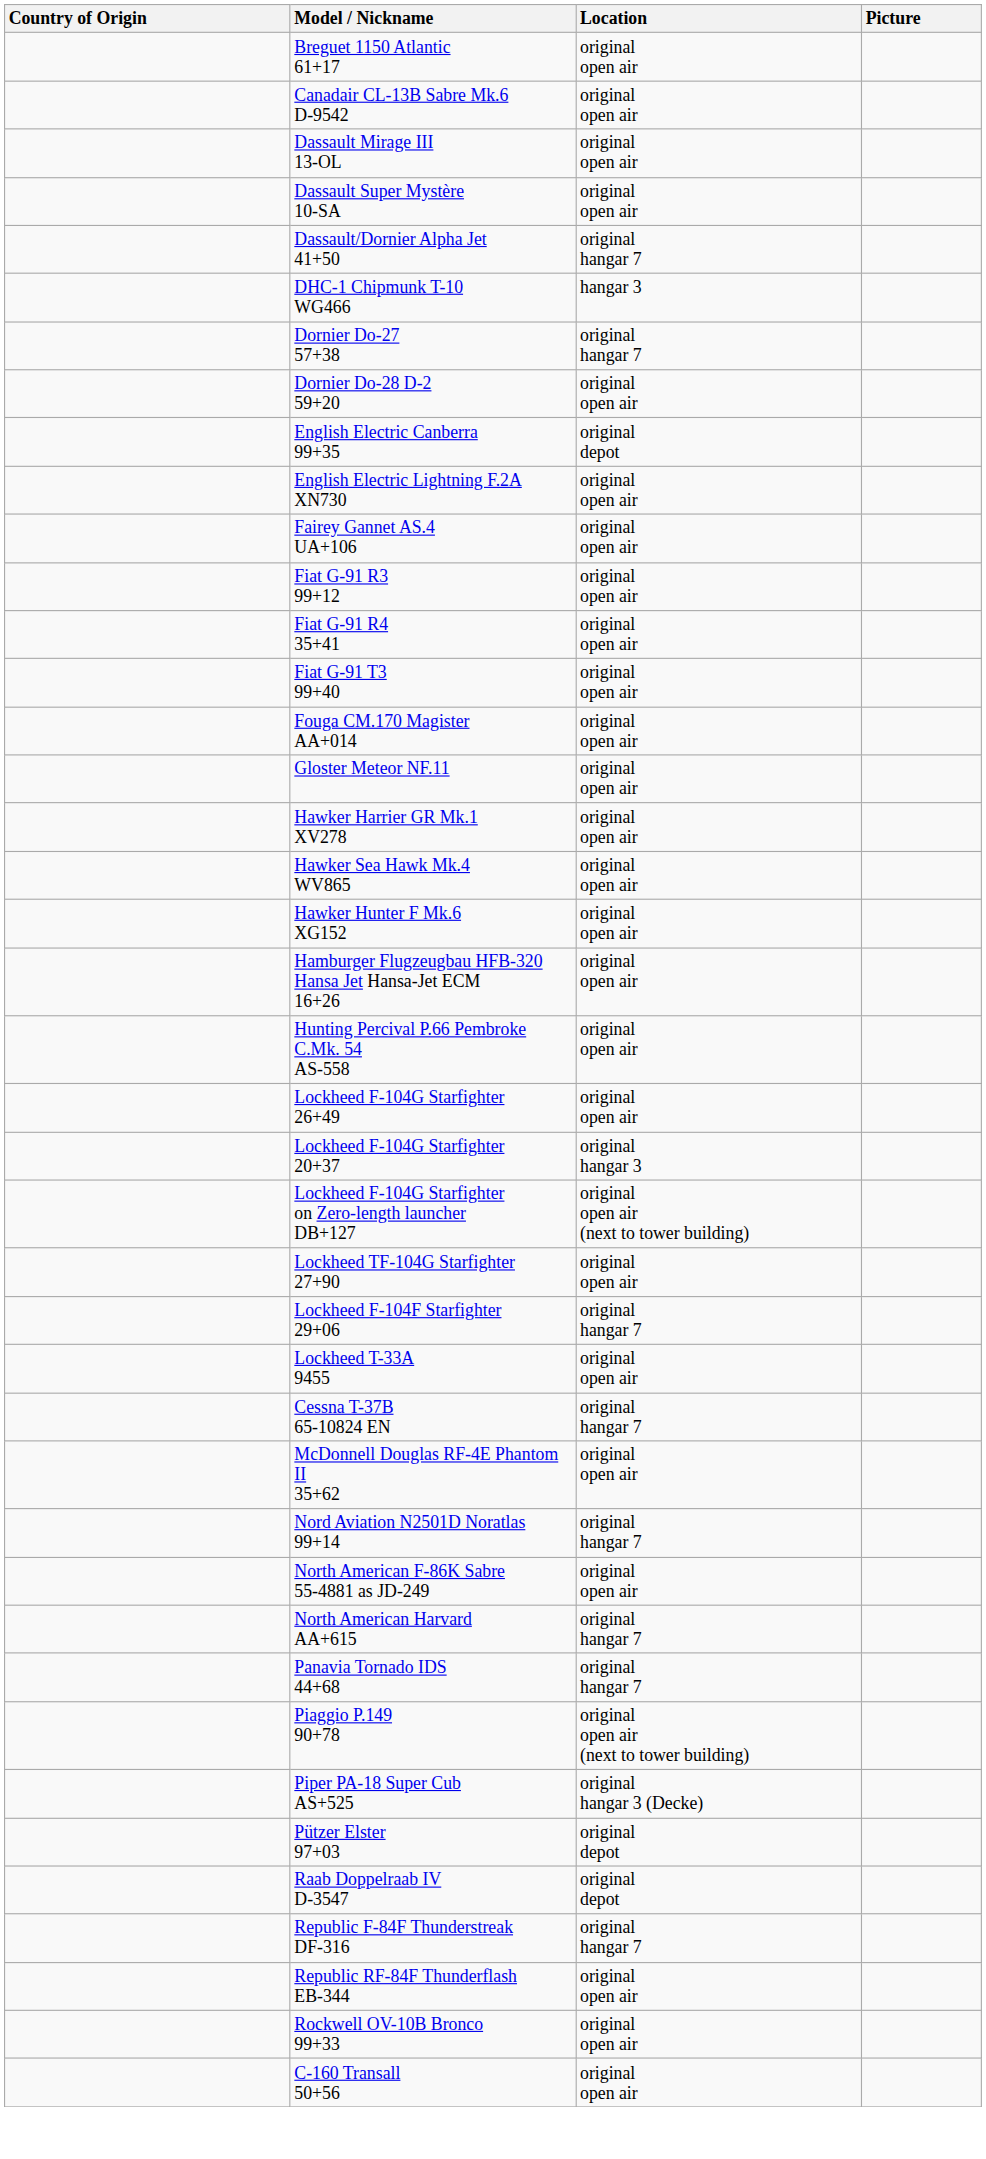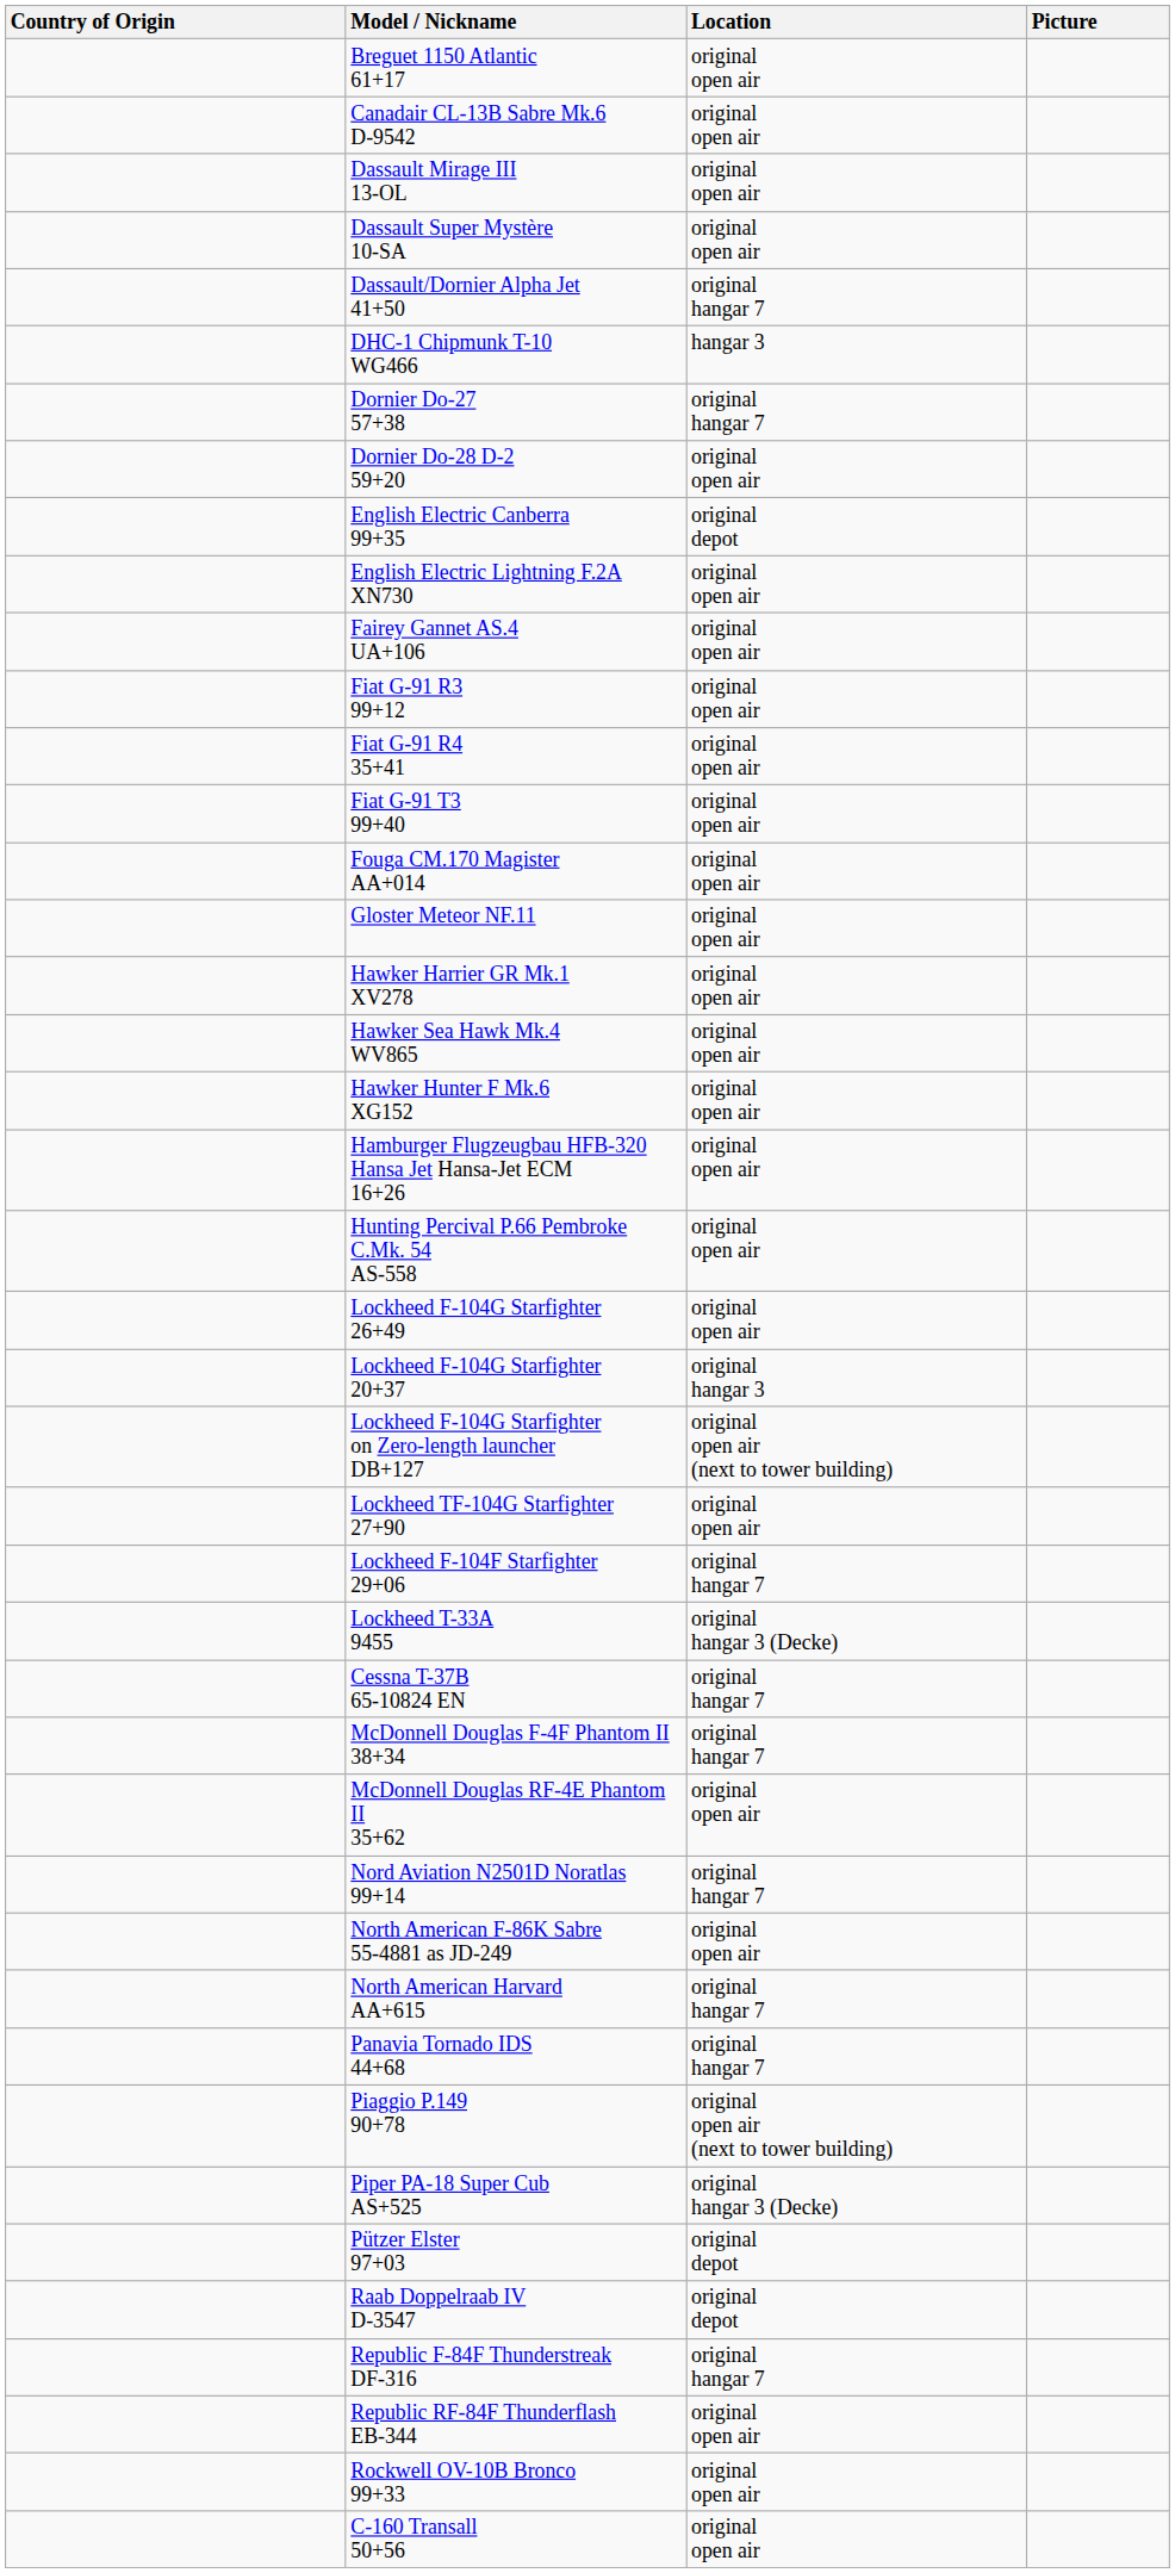 <table class="wikitable sortable">
 <tr>
 <th style="text-align:left" width=250px>Country of Origin</th>
 <th ! style="text-align:left" width=250px>Model / Nickname</th>
 <th ! style="text-align:left" width=250px class="unsortable">Location</th>
 <th ! style="text-align:left" width=100px class="unsortable">Picture</th>
 </tr>
 <tr style="vertical-align:top">
 <td style="text-align:left"></td>
 <td style="text-align:left"><a href='#'>Breguet 1150 Atlantic</a><br>61+17</td>
 <td style="text-align:left">original<br>open air</td>
 <td style="text-align:left"></td>
 </tr>
 <tr style="vertical-align:top">
 <td style="text-align:left"></td>
 <td style="text-align:left"><a href='#'>Canadair CL-13B Sabre Mk.6</a><br>D-9542</td>
 <td style="text-align:left">original<br>open air</td>
 <td style="text-align:left"></td>
 </tr>
 <tr style="vertical-align:top">
 <td style="text-align:left"></td>
 <td style="text-align:left"><a href='#'>Dassault Mirage III</a><br>13-OL</td>
 <td style="text-align:left">original<br>open air</td>
 <td style="text-align:left"></td>
 </tr>
 <tr style="vertical-align:top">
 <td style="text-align:left"></td>
 <td style="text-align:left"><a href='#'>Dassault Super Mystère</a><br>10-SA</td>
 <td style="text-align:left">original<br>open air</td>
 <td style="text-align:left"></td>
 </tr>
 <tr style="vertical-align:top">
 <td style="text-align:left"></td>
 <td style="text-align:left"><a href='#'>Dassault/Dornier Alpha Jet</a><br>41+50</td>
 <td style="text-align:left">original<br>hangar 7</td>
 <td style="text-align:left"></td>
 </tr>
 <tr style="vertical-align:top">
 <td style="text-align:left"></td>
 <td style="text-align:left"><a href='#'>DHC-1 Chipmunk T-10</a><br>WG466</td>
 <td style="text-align:left">hangar 3</td>
 <td style="text-align:left"></td>
 </tr>
 <tr style="vertical-align:top">
 <td style="text-align:left"></td>
 <td style="text-align:left"><a href='#'>Dornier Do-27</a><br>57+38</td>
 <td style="text-align:left">original<br>hangar 7</td>
 <td style="text-align:left"></td>
 </tr>
 <tr style="vertical-align:top">
 <td style="text-align:left"></td>
 <td style="text-align:left"><a href='#'>Dornier Do-28 D-2</a><br>59+20</td>
 <td style="text-align:left">original<br>open air</td>
 <td style="text-align:left"></td>
 </tr>
 <tr style="vertical-align:top">
 <td style="text-align:left"></td>
 <td style="text-align:left"><a href='#'>English Electric Canberra</a><br>99+35</td>
 <td style="text-align:left">original<br>depot</td>
 <td style="text-align:left"></td>
 </tr>
 <tr style="vertical-align:top">
 <td style="text-align:left"></td>
 <td style="text-align:left"><a href='#'>English Electric Lightning F.2A</a><br>XN730</td>
 <td style="text-align:left">original<br>open air</td>
 <td style="text-align:left"></td>
 </tr>
 <tr style="vertical-align:top">
 <td style="text-align:left"></td>
 <td style="text-align:left"><a href='#'>Fairey Gannet AS.4</a><br>UA+106</td>
 <td style="text-align:left">original<br>open air</td>
 <td style="text-align:left"></td>
 </tr>
 <tr style="vertical-align:top">
 <td style="text-align:left"></td>
 <td style="text-align:left"><a href='#'>Fiat G-91 R3</a><br>99+12</td>
 <td style="text-align:left">original<br>open air</td>
 <td style="text-align:left"></td>
 </tr>
 <tr style="vertical-align:top">
 <td style="text-align:left"></td>
 <td style="text-align:left"><a href='#'>Fiat G-91 R4</a><br>35+41</td>
 <td style="text-align:left">original<br>open air</td>
 <td style="text-align:left"></td>
 </tr>
 <tr style="vertical-align:top">
 <td style="text-align:left"></td>
 <td style="text-align:left"><a href='#'>Fiat G-91 T3</a><br>99+40</td>
 <td style="text-align:left">original<br>open air</td>
 <td style="text-align:left"></td>
 </tr>
 <tr style="vertical-align:top">
 <td style="text-align:left"></td>
 <td style="text-align:left"><a href='#'>Fouga CM.170 Magister</a><br>AA+014</td>
 <td style="text-align:left">original<br>open air</td>
 <td style="text-align:left"></td>
 </tr>
 <tr style="vertical-align:top">
 <td style="text-align:left"></td>
 <td style="text-align:left"><a href='#'>Gloster Meteor NF.11</a></td>
 <td style="text-align:left">original<br>open air</td>
 <td style="text-align:left"></td>
 </tr>
 <tr style="vertical-align:top">
 <td style="text-align:left"></td>
 <td style="text-align:left"><a href='#'>Hawker Harrier GR Mk.1</a><br>XV278</td>
 <td style="text-align:left">original<br>open air</td>
 <td style="text-align:left"></td>
 </tr>
 <tr style="vertical-align:top">
 <td style="text-align:left"></td>
 <td style="text-align:left"><a href='#'>Hawker Sea Hawk Mk.4</a><br>WV865</td>
 <td style="text-align:left">original<br>open air</td>
 <td style="text-align:left"></td>
 </tr>
 <tr style="vertical-align:top">
 <td style="text-align:left"></td>
 <td style="text-align:left"><a href='#'>Hawker Hunter F Mk.6</a><br>XG152</td>
 <td style="text-align:left">original<br>open air</td>
 <td style="text-align:left"></td>
 </tr>
 <tr style="vertical-align:top">
 <td style="text-align:left"></td>
 <td style="text-align:left"><a href='#'>Hamburger Flugzeugbau HFB-320 Hansa Jet</a> Hansa-Jet ECM<br>16+26</td>
 <td style="text-align:left">original<br>open air</td>
 <td style="text-align:left"></td>
 </tr>
 <tr style="vertical-align:top">
 <td style="text-align:left"></td>
 <td style="text-align:left"><a href='#'>Hunting Percival P.66 Pembroke C.Mk. 54</a><br>AS-558</td>
 <td style="text-align:left">original<br>open air</td>
 <td style="text-align:left"></td>
 </tr>
 <tr style="vertical-align:top">
 <td style="text-align:left"></td>
 <td style="text-align:left"><a href='#'>Lockheed F-104G Starfighter</a><br>26+49</td>
 <td style="text-align:left">original<br>open air</td>
 <td style="text-align:left"></td>
 </tr>
 <tr style="vertical-align:top">
 <td style="text-align:left"></td>
 <td style="text-align:left"><a href='#'>Lockheed F-104G Starfighter</a><br>20+37</td>
 <td style="text-align:left">original<br>hangar 3</td>
 <td style="text-align:left"></td>
 </tr>
 <tr style="vertical-align:top">
 <td style="text-align:left"></td>
 <td style="text-align:left"><a href='#'>Lockheed F-104G Starfighter</a><br>on <a href='#'>Zero-length launcher</a><br>DB+127</td>
 <td style="text-align:left">original<br>open air<br>(next to tower building)</td>
 <td style="text-align:left"></td>
 </tr>
 <tr style="vertical-align:top">
 <td style="text-align:left"></td>
 <td style="text-align:left"><a href='#'>Lockheed TF-104G Starfighter</a><br>27+90</td>
 <td style="text-align:left">original<br>open air</td>
 <td style="text-align:left"></td>
 </tr>
 <tr style="vertical-align:top">
 <td style="text-align:left"></td>
 <td style="text-align:left"><a href='#'>Lockheed F-104F Starfighter</a><br>29+06</td>
 <td style="text-align:left">original<br>hangar 7</td>
 <td style="text-align:left"></td>
 </tr>
 <tr style="vertical-align:top">
 <td style="text-align:left"></td>
 <td style="text-align:left"><a href='#'>Lockheed T-33A</a><br>9455</td>
-<td style="text-align:left">original<br>open air</td>
+<td style="text-align:left">original<br>hangar 3 (Decke)</td>
 <td style="text-align:left"></td>
 </tr>
 <tr style="vertical-align:top">
 <td style="text-align:left"></td>
 <td style="text-align:left"><a href='#'>Cessna T-37B</a><br>65-10824 EN</td>
+<td style="text-align:left">original<br>hangar 7</td>
+<td style="text-align:left"></td>
+</tr>
+<tr style="vertical-align:top">
+<td style="text-align:left"></td>
+<td style="text-align:left"><a href='#'>McDonnell Douglas F-4F Phantom II</a><br>38+34</td>
 <td style="text-align:left">original<br>hangar 7</td>
 <td style="text-align:left"></td>
 </tr>
 <tr style="vertical-align:top">
 <td style="text-align:left"></td>
 <td style="text-align:left"><a href='#'>McDonnell Douglas RF-4E Phantom II</a><br>35+62</td>
 <td style="text-align:left">original<br>open air</td>
 <td style="text-align:left"></td>
 </tr>
 <tr style="vertical-align:top">
 <td style="text-align:left"></td>
 <td style="text-align:left"><a href='#'>Nord Aviation N2501D Noratlas</a><br>99+14</td>
 <td style="text-align:left">original<br>hangar 7</td>
 <td style="text-align:left"></td>
 </tr>
 <tr style="vertical-align:top">
 <td style="text-align:left"></td>
 <td style="text-align:left"><a href='#'>North American F-86K Sabre</a><br>55-4881 as JD-249</td>
 <td style="text-align:left">original<br>open air</td>
 <td style="text-align:left"></td>
 </tr>
 <tr style="vertical-align:top">
 <td style="text-align:left"></td>
 <td style="text-align:left"><a href='#'>North American Harvard</a><br>AA+615</td>
 <td style="text-align:left">original<br>hangar 7</td>
 <td style="text-align:left"></td>
 </tr>
 <tr style="vertical-align:top">
 <td style="text-align:left"></td>
 <td style="text-align:left"><a href='#'>Panavia Tornado IDS</a><br>44+68</td>
 <td style="text-align:left">original<br>hangar 7</td>
 <td style="text-align:left"></td>
 </tr>
 <tr style="vertical-align:top">
 <td style="text-align:left"></td>
 <td style="text-align:left"><a href='#'>Piaggio P.149</a><br>90+78</td>
 <td style="text-align:left">original<br>open air<br>(next to tower building)</td>
 <td style="text-align:left"></td>
 </tr>
 <tr style="vertical-align:top">
 <td style="text-align:left"></td>
 <td style="text-align:left"><a href='#'>Piper PA-18 Super Cub</a><br>AS+525</td>
 <td style="text-align:left">original<br>hangar 3 (Decke)</td>
 <td style="text-align:left"></td>
 </tr>
 <tr style="vertical-align:top">
 <td style="text-align:left"></td>
 <td style="text-align:left"><a href='#'>Pützer Elster</a><br>97+03</td>
 <td style="text-align:left">original<br>depot</td>
 <td style="text-align:left"></td>
 </tr>
 <tr style="vertical-align:top">
 <td style="text-align:left"></td>
 <td style="text-align:left"><a href='#'>Raab Doppelraab IV</a><br>D-3547</td>
 <td style="text-align:left">original<br>depot</td>
 <td style="text-align:left"></td>
 </tr>
 <tr style="vertical-align:top">
 <td style="text-align:left"></td>
 <td style="text-align:left"><a href='#'>Republic F-84F Thunderstreak</a><br>DF-316</td>
 <td style="text-align:left">original<br>hangar 7</td>
 <td style="text-align:left"></td>
 </tr>
 <tr style="vertical-align:top">
 <td style="text-align:left"></td>
 <td style="text-align:left"><a href='#'>Republic RF-84F Thunderflash</a><br>EB-344</td>
 <td style="text-align:left">original<br>open air</td>
 <td style="text-align:left"></td>
 </tr>
 <tr style="vertical-align:top">
 <td style="text-align:left"></td>
 <td style="text-align:left"><a href='#'>Rockwell OV-10B Bronco</a><br>99+33</td>
 <td style="text-align:left">original<br>open air</td>
 <td style="text-align:left"></td>
 </tr>
 <tr style="vertical-align:top">
 <td style="text-align:left"></td>
 <td style="text-align:left"><a href='#'>C-160 Transall</a><br>50+56</td>
 <td style="text-align:left">original<br>open air</td>
 <td style="text-align:left"></td>
 </tr>
 </table>
